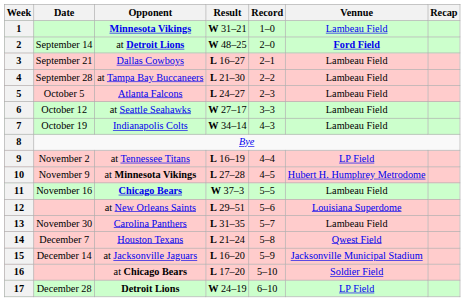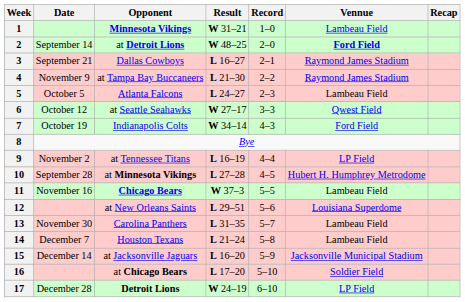 <table class="wikitable">
 <tr>
 <th>Week</th>
 <th>Date</th>
 <th>Opponent</th>
 <th>Result</th>
 <th>Record</th>
 <th>Vennue</th>
 <th>Recap</th>
 </tr>
 <tr style="background:#cfc; text-align:center;">
 <th>1</th>
 <td></td>
 <td><strong><a href='#'>Minnesota Vikings</a></strong></td>
 <td><strong>W</strong> 31–21</td>
 <td>1–0</td>
 <td><a href='#'>Lambeau Field</a></td>
 <td></td>
 </tr>
 <tr style="background:#cfc; text-align:center;">
 <th>2</th>
 <td>September 14</td>
 <td>at <strong><a href='#'>Detroit Lions</a></strong></td>
 <td><strong>W</strong> 48–25</td>
 <td>2–0</td>
 <td><strong><a href='#'>Ford Field</a></strong></td>
 <td></td>
 </tr>
 <tr style="background:#fcc; text-align:center;">
 <th>3</th>
 <td>September 21</td>
 <td><a href='#'>Dallas Cowboys</a></td>
 <td><strong>L</strong> 16–27</td>
 <td>2–1</td>
-<td>Lambeau Field</td>
+<td><a href='#'>Raymond James Stadium</a></td>
 <td></td>
 </tr>
 <tr style="background:#fcc; text-align:center;">
 <th>4</th>
-<td>September 28</td>
+<td>November 9</td>
 <td>at <a href='#'>Tampa Bay Buccaneers</a></td>
 <td><strong>L</strong> 21–30</td>
 <td>2–2</td>
-<td>Lambeau Field</td>
+<td><a href='#'>Raymond James Stadium</a></td>
 <td></td>
 </tr>
 <tr style="background:#fcc; text-align:center;">
 <th>5</th>
 <td>October 5</td>
 <td><a href='#'>Atlanta Falcons</a></td>
 <td><strong>L</strong>  24–27</td>
 <td>2–3</td>
 <td>Lambeau Field</td>
 <td></td>
 </tr>
 <tr style="background:#cfc; text-align:center;">
 <th>6</th>
 <td>October 12</td>
 <td>at <a href='#'>Seattle Seahawks</a></td>
 <td><strong>W</strong> 27–17</td>
 <td>3–3</td>
-<td>Lambeau Field</td>
+<td><a href='#'>Qwest Field</a></td>
 <td></td>
 </tr>
 <tr style="background:#cfc; text-align:center;">
 <th>7</th>
 <td>October 19</td>
 <td><a href='#'>Indianapolis Colts</a></td>
 <td><strong>W</strong> 34–14</td>
 <td>4–3</td>
-<td>Lambeau Field</td>
+<td><a href='#'>Ford Field</a></td>
 <td></td>
 </tr>
 <tr>
 <th>8</th>
 <td colspan="8" style="text-align:center;"><em><a href='#'>Bye</a></em></td>
 </tr>
 <tr style="background:#fcc; text-align:center;">
 <th>9</th>
 <td>November 2</td>
 <td>at <a href='#'>Tennessee Titans</a></td>
 <td><strong>L</strong> 16–19 </td>
 <td>4–4</td>
 <td><a href='#'>LP Field</a></td>
 <td></td>
 </tr>
 <tr style="background:#fcc; text-align:center;">
 <th>10</th>
-<td>November 9</td>
+<td>September 28</td>
 <td>at <strong>Minnesota Vikings</strong></td>
 <td><strong>L</strong> 27–28</td>
 <td>4–5</td>
 <td><a href='#'>Hubert H. Humphrey Metrodome</a></td>
 <td></td>
 </tr>
 <tr style="background:#cfc; text-align:center;">
 <th>11</th>
 <td>November 16</td>
 <td><strong><a href='#'>Chicago Bears</a></strong></td>
 <td><strong>W</strong>  37–3</td>
 <td>5–5</td>
 <td>Lambeau Field</td>
 <td></td>
 </tr>
 <tr style="background:#fcc; text-align:center;">
 <th>12</th>
 <td></td>
 <td>at <a href='#'>New Orleans Saints</a></td>
 <td><strong>L</strong> 29–51</td>
 <td>5–6</td>
 <td><a href='#'>Louisiana Superdome</a></td>
 <td></td>
 </tr>
 <tr style="background:#fcc; text-align:center;">
 <th>13</th>
 <td>November 30</td>
 <td><a href='#'>Carolina Panthers</a></td>
 <td><strong>L</strong> 31–35</td>
 <td>5–7</td>
 <td>Lambeau Field</td>
 <td></td>
 </tr>
 <tr style="background:#fcc; text-align:center;">
 <th>14</th>
 <td>December 7</td>
 <td><a href='#'>Houston Texans</a></td>
 <td><strong>L</strong> 21–24</td>
 <td>5–8</td>
-<td><a href='#'>Qwest Field</a></td>
+<td>Lambeau Field</td>
 <td></td>
 </tr>
 <tr style="background:#fcc; text-align:center;">
 <th>15</th>
 <td>December 14</td>
 <td>at <a href='#'>Jacksonville Jaguars</a></td>
 <td><strong>L</strong> 16–20</td>
 <td>5–9</td>
 <td><a href='#'>Jacksonville Municipal Stadium</a></td>
 <td></td>
 </tr>
 <tr style="background:#fcc; text-align:center;">
 <th>16</th>
 <td></td>
 <td>at  <strong>Chicago Bears</strong></td>
 <td><strong>L</strong> 17–20 </td>
 <td>5–10</td>
 <td><a href='#'>Soldier Field</a></td>
 <td></td>
 </tr>
 <tr style="background:#cfc; text-align:center;">
 <th>17</th>
 <td>December 28</td>
 <td><strong>Detroit Lions</strong></td>
 <td><strong>W</strong> 24–19</td>
 <td>6–10</td>
 <td><a href='#'>LP Field</a></td>
 <td></td>
 </tr>
 </table>
